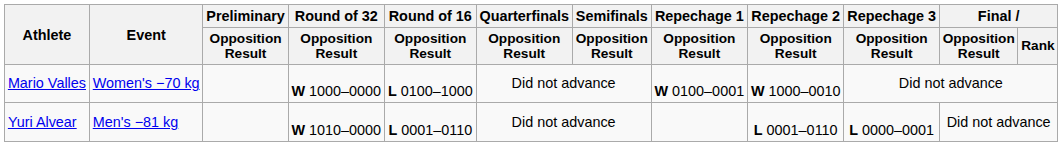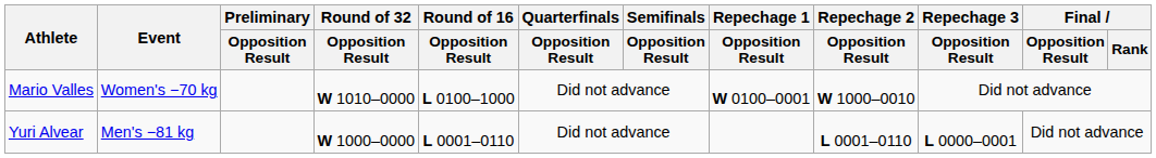 <table class="wikitable" style="font-size:90%">
 <tr>
 <th rowspan="2">Athlete</th>
 <th rowspan="2">Event</th>
 <th>Preliminary</th>
 <th>Round of 32</th>
 <th>Round of 16</th>
 <th>Quarterfinals</th>
 <th>Semifinals</th>
 <th>Repechage 1</th>
 <th>Repechage 2</th>
 <th>Repechage 3</th>
 <th colspan=2>Final / </th>
 </tr>
 <tr style="font-size:95%">
 <th>Opposition<br>Result</th>
 <th>Opposition<br>Result</th>
 <th>Opposition<br>Result</th>
 <th>Opposition<br>Result</th>
 <th>Opposition<br>Result</th>
 <th>Opposition<br>Result</th>
 <th>Opposition<br>Result</th>
 <th>Opposition<br>Result</th>
 <th>Opposition<br>Result</th>
 <th>Rank</th>
 </tr>
 <tr align=center>
 <td align=left><a href='#'>Mario Valles</a></td>
 <td align=left><a href='#'>Women's −70 kg</a></td>
 <td></td>
-<td><br><strong>W</strong> 1000–0000</td>
+<td><br><strong>W</strong> 1010–0000</td>
 <td><br><strong>L</strong> 0100–1000</td>
 <td colspan=2>Did not advance</td>
 <td><br><strong>W</strong> 0100–0001</td>
 <td><br><strong>W</strong> 1000–0010</td>
 <td colspan=3>Did not advance</td>
 </tr>
 <tr align=center>
 <td align=left><a href='#'>Yuri Alvear</a></td>
 <td align=left><a href='#'>Men's −81 kg</a></td>
 <td></td>
-<td><br><strong>W</strong> 1010–0000</td>
+<td><br><strong>W</strong> 1000–0000</td>
 <td><br><strong>L</strong> 0001–0110</td>
 <td colspan=2>Did not advance</td>
 <td></td>
 <td><br><strong>L</strong> 0001–0110</td>
 <td><br><strong>L</strong> 0000–0001</td>
 <td colspan=2>Did not advance</td>
 </tr>
 </table>
